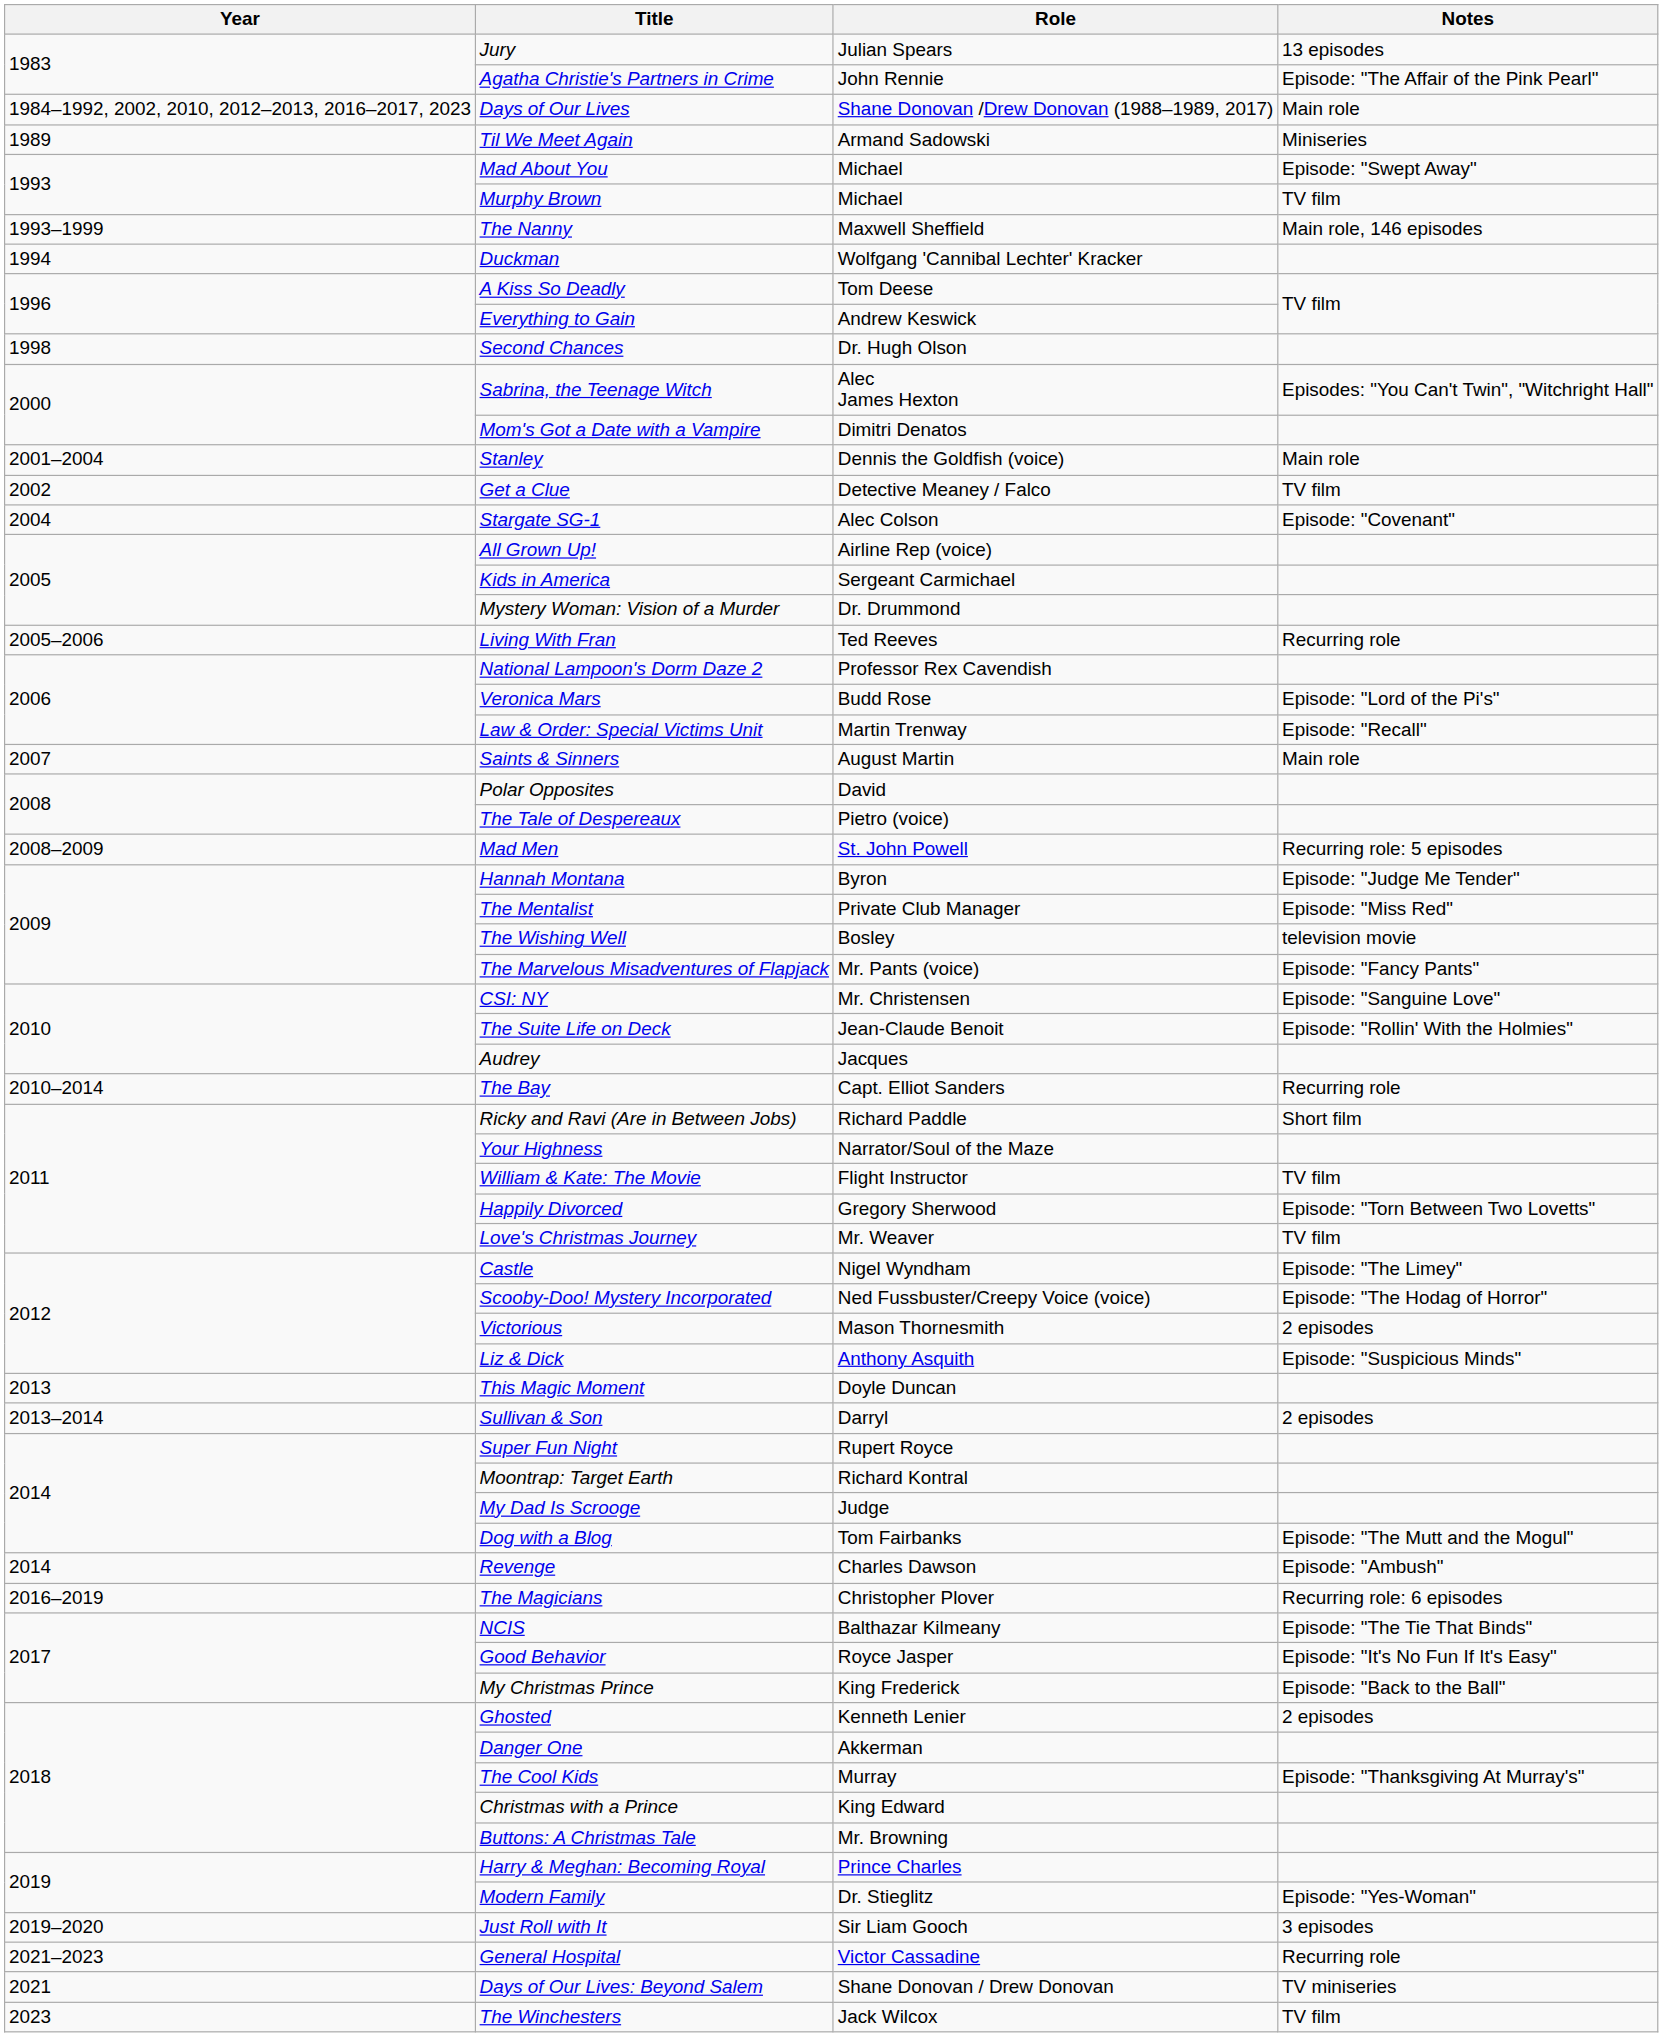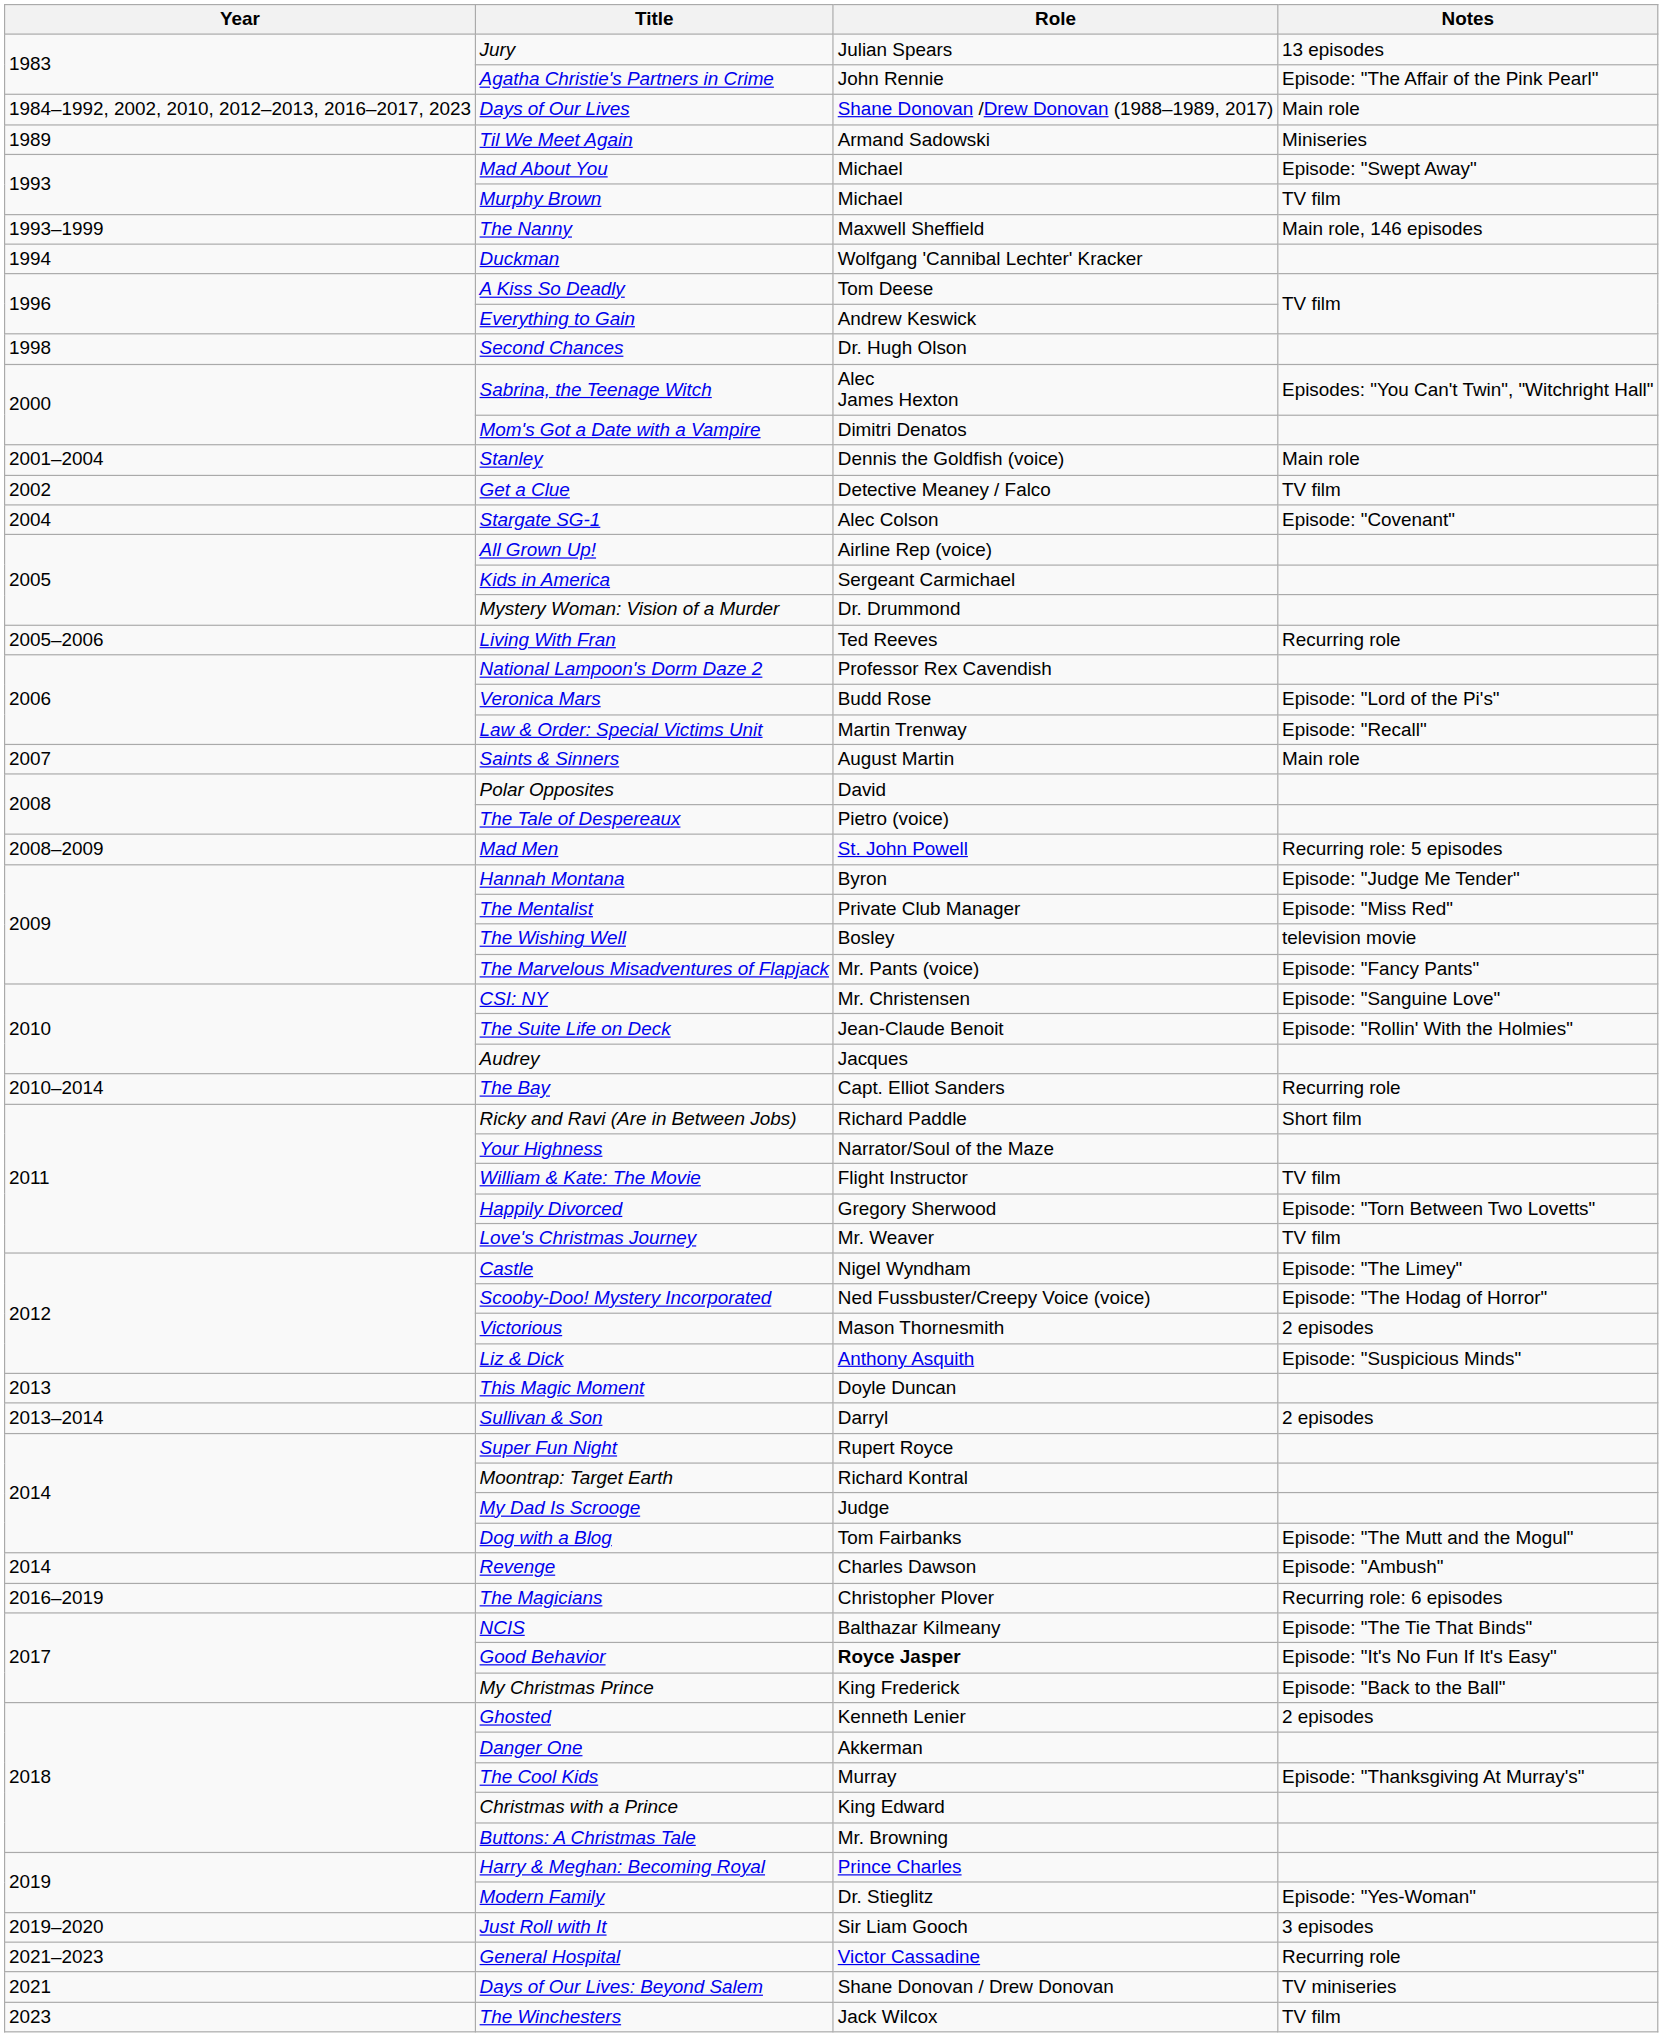 <table class="wikitable sortable">
 <tr>
 <th style="">Year</th>
 <th style="">Title</th>
 <th style="">Role</th>
 <th style="">Notes</th>
 </tr>
 <tr>
 <td rowspan=2>1983</td>
 <td><em>Jury</em></td>
 <td>Julian Spears</td>
 <td>13 episodes</td>
 </tr>
 <tr>
 <td><em><a href='#'>Agatha Christie's Partners in Crime</a></em></td>
 <td>John Rennie</td>
 <td>Episode: "The Affair of the Pink Pearl"</td>
 </tr>
 <tr>
 <td>1984–1992, 2002, 2010, 2012–2013, 2016–2017, 2023</td>
 <td><em><a href='#'>Days of Our Lives</a></em></td>
 <td><a href='#'>Shane Donovan</a> /<a href='#'>Drew Donovan</a> (1988–1989, 2017)</td>
 <td>Main role</td>
 </tr>
 <tr>
 <td>1989</td>
 <td><em><a href='#'>Til We Meet Again</a></em></td>
 <td>Armand Sadowski</td>
 <td>Miniseries</td>
 </tr>
 <tr>
 <td rowspan=2>1993</td>
 <td><em><a href='#'>Mad About You</a></em></td>
 <td>Michael</td>
 <td>Episode: "Swept Away"</td>
 </tr>
 <tr>
 <td><em><a href='#'>Murphy Brown</a></em></td>
 <td>Michael</td>
 <td>TV film</td>
 </tr>
 <tr>
 <td>1993–1999</td>
 <td><em><a href='#'>The Nanny</a></em></td>
 <td>Maxwell Sheffield</td>
 <td>Main role, 146 episodes</td>
 </tr>
 <tr>
 <td>1994</td>
 <td><em><a href='#'>Duckman</a></em></td>
 <td>Wolfgang 'Cannibal Lechter' Kracker</td>
 <td></td>
 </tr>
 <tr>
 <td rowspan=2>1996</td>
 <td><em><a href='#'>A Kiss So Deadly</a></em></td>
 <td>Tom Deese</td>
 <td rowspan=2>TV film</td>
 </tr>
 <tr>
 <td><em><a href='#'>Everything to Gain</a></em></td>
 <td>Andrew Keswick</td>
 </tr>
 <tr>
 <td>1998</td>
 <td><em><a href='#'>Second Chances</a></em></td>
 <td>Dr. Hugh Olson</td>
 <td></td>
 </tr>
 <tr>
 <td rowspan=2>2000</td>
 <td><em><a href='#'>Sabrina, the Teenage Witch</a></em></td>
 <td>Alec<br>James Hexton</td>
 <td>Episodes: "You Can't Twin", "Witchright Hall"</td>
 </tr>
 <tr>
 <td><em><a href='#'>Mom's Got a Date with a Vampire</a></em></td>
 <td>Dimitri Denatos</td>
 <td></td>
 </tr>
 <tr>
 <td>2001–2004</td>
 <td><em><a href='#'>Stanley</a></em></td>
 <td>Dennis the Goldfish (voice)</td>
 <td>Main role</td>
 </tr>
 <tr>
 <td>2002</td>
 <td><em><a href='#'>Get a Clue</a></em></td>
 <td>Detective Meaney / Falco</td>
 <td>TV film</td>
 </tr>
 <tr>
 <td>2004</td>
 <td><em><a href='#'>Stargate SG-1</a></em></td>
 <td>Alec Colson</td>
 <td>Episode: "Covenant"</td>
 </tr>
 <tr>
 <td rowspan=3>2005</td>
 <td><em><a href='#'>All Grown Up!</a></em></td>
 <td>Airline Rep (voice)</td>
 <td></td>
 </tr>
 <tr>
 <td><em><a href='#'>Kids in America</a></em></td>
 <td>Sergeant Carmichael</td>
 <td></td>
 </tr>
 <tr>
 <td><em>Mystery Woman: Vision of a Murder</em></td>
 <td>Dr. Drummond</td>
 <td></td>
 </tr>
 <tr>
 <td>2005–2006</td>
 <td><em><a href='#'>Living With Fran</a></em></td>
 <td>Ted Reeves</td>
 <td>Recurring role</td>
 </tr>
 <tr>
 <td rowspan=3>2006</td>
 <td><em><a href='#'>National Lampoon's Dorm Daze 2</a></em></td>
 <td>Professor Rex Cavendish</td>
 <td></td>
 </tr>
 <tr>
 <td><em><a href='#'>Veronica Mars</a></em></td>
 <td>Budd Rose</td>
 <td>Episode: "Lord of the Pi's"</td>
 </tr>
 <tr>
 <td><em><a href='#'>Law & Order: Special Victims Unit</a></em></td>
 <td>Martin Trenway</td>
 <td>Episode: "Recall"</td>
 </tr>
 <tr>
 <td>2007</td>
 <td><em><a href='#'>Saints & Sinners</a></em></td>
 <td>August Martin</td>
 <td>Main role</td>
 </tr>
 <tr>
 <td rowspan=2>2008</td>
 <td><em>Polar Opposites</em></td>
 <td>David</td>
 <td></td>
 </tr>
 <tr>
 <td><em><a href='#'>The Tale of Despereaux</a></em></td>
 <td>Pietro (voice)</td>
 <td></td>
 </tr>
 <tr>
 <td>2008–2009</td>
 <td><em><a href='#'>Mad Men</a></em></td>
 <td><a href='#'>St. John Powell</a></td>
 <td>Recurring role: 5 episodes</td>
 </tr>
 <tr>
 <td rowspan=4>2009</td>
 <td><em><a href='#'>Hannah Montana</a></em></td>
 <td>Byron</td>
 <td>Episode: "Judge Me Tender"</td>
 </tr>
 <tr>
 <td><em><a href='#'>The Mentalist</a></em></td>
 <td>Private Club Manager</td>
 <td>Episode: "Miss Red"</td>
 </tr>
 <tr>
 <td><em><a href='#'>The Wishing Well</a></em></td>
 <td>Bosley</td>
 <td>television movie</td>
 </tr>
 <tr>
 <td><em><a href='#'>The Marvelous Misadventures of Flapjack</a></em></td>
 <td>Mr. Pants (voice)</td>
 <td>Episode: "Fancy Pants"</td>
 </tr>
 <tr>
 <td rowspan=3>2010</td>
 <td><em><a href='#'>CSI: NY</a></em></td>
 <td>Mr. Christensen</td>
 <td>Episode: "Sanguine Love"</td>
 </tr>
 <tr>
 <td><em><a href='#'>The Suite Life on Deck</a></em></td>
 <td>Jean-Claude Benoit</td>
 <td>Episode: "Rollin' With the Holmies"</td>
 </tr>
 <tr>
 <td><em>Audrey</em></td>
 <td>Jacques</td>
 <td></td>
 </tr>
 <tr>
 <td>2010–2014</td>
 <td><em><a href='#'>The Bay</a></em></td>
 <td>Capt. Elliot Sanders</td>
 <td>Recurring role</td>
 </tr>
 <tr>
 <td rowspan=5>2011</td>
 <td><em>Ricky and Ravi (Are in Between Jobs)</em></td>
 <td>Richard Paddle</td>
 <td>Short film</td>
 </tr>
 <tr>
 <td><em><a href='#'>Your Highness</a></em></td>
 <td>Narrator/Soul of the Maze</td>
 <td></td>
 </tr>
 <tr>
 <td><em><a href='#'>William & Kate: The Movie</a></em></td>
 <td>Flight Instructor</td>
 <td>TV film</td>
 </tr>
 <tr>
 <td><em><a href='#'>Happily Divorced</a></em></td>
 <td>Gregory Sherwood</td>
 <td>Episode: "Torn Between Two Lovetts"</td>
 </tr>
 <tr>
 <td><em><a href='#'>Love's Christmas Journey</a></em></td>
 <td>Mr. Weaver</td>
 <td>TV film</td>
 </tr>
 <tr>
 <td rowspan=4>2012</td>
 <td><em><a href='#'>Castle</a></em></td>
 <td>Nigel Wyndham</td>
 <td>Episode: "The Limey"</td>
 </tr>
 <tr>
 <td><em><a href='#'>Scooby-Doo! Mystery Incorporated</a></em></td>
 <td>Ned Fussbuster/Creepy Voice (voice)</td>
 <td>Episode: "The Hodag of Horror"</td>
 </tr>
 <tr>
 <td><em><a href='#'>Victorious</a></em></td>
 <td>Mason Thornesmith</td>
 <td>2 episodes</td>
 </tr>
 <tr>
 <td><em><a href='#'>Liz & Dick</a></em></td>
 <td><a href='#'>Anthony Asquith</a></td>
 <td>Episode: "Suspicious Minds"</td>
 </tr>
 <tr>
 <td>2013</td>
 <td><em><a href='#'>This Magic Moment</a></em></td>
 <td>Doyle Duncan</td>
 <td></td>
 </tr>
 <tr>
 <td>2013–2014</td>
 <td><em><a href='#'>Sullivan & Son</a></em></td>
 <td>Darryl</td>
 <td>2 episodes</td>
 </tr>
 <tr>
 <td rowspan=4>2014</td>
 <td><em><a href='#'>Super Fun Night</a></em></td>
 <td>Rupert Royce</td>
 <td></td>
 </tr>
 <tr>
 <td><em>Moontrap: Target Earth</em></td>
 <td>Richard Kontral</td>
 <td></td>
 </tr>
 <tr>
 <td><em><a href='#'>My Dad Is Scrooge</a></em></td>
 <td>Judge</td>
 <td></td>
 </tr>
 <tr>
 <td><em><a href='#'>Dog with a Blog</a></em></td>
 <td>Tom Fairbanks</td>
 <td>Episode: "The Mutt and the Mogul"</td>
 </tr>
 <tr>
 <td>2014</td>
 <td><em><a href='#'>Revenge</a></em></td>
 <td>Charles Dawson</td>
 <td>Episode: "Ambush"</td>
 </tr>
 <tr>
 <td>2016–2019</td>
 <td><em><a href='#'>The Magicians</a></em></td>
 <td>Christopher Plover</td>
 <td>Recurring role: 6 episodes</td>
 </tr>
 <tr>
 <td rowspan="3">2017</td>
 <td><em><a href='#'>NCIS</a></em></td>
 <td>Balthazar Kilmeany</td>
 <td>Episode: "The Tie That Binds"</td>
 </tr>
 <tr>
 <td><em><a href='#'>Good Behavior</a></em></td>
-<td>Royce Jasper</td>
+<td><strong>Royce Jasper</strong></td>
 <td>Episode: "It's No Fun If It's Easy"</td>
 </tr>
 <tr>
 <td><em>My Christmas Prince</em></td>
 <td>King Frederick</td>
 <td>Episode: "Back to the Ball"</td>
 </tr>
 <tr>
 <td rowspan=5>2018</td>
 <td><em><a href='#'>Ghosted</a></em></td>
 <td>Kenneth Lenier</td>
 <td>2 episodes</td>
 </tr>
 <tr>
 <td><em><a href='#'>Danger One</a></em></td>
 <td>Akkerman</td>
 <td></td>
 </tr>
 <tr>
 <td><em><a href='#'>The Cool Kids</a></em></td>
 <td>Murray</td>
 <td>Episode: "Thanksgiving At Murray's"</td>
 </tr>
 <tr>
 <td><em>Christmas with a Prince</em></td>
 <td>King Edward</td>
 <td></td>
 </tr>
 <tr>
 <td><em><a href='#'>Buttons: A Christmas Tale</a></em></td>
 <td>Mr. Browning</td>
 <td></td>
 </tr>
 <tr>
 <td rowspan=2>2019</td>
 <td><em><a href='#'>Harry & Meghan: Becoming Royal</a></em></td>
 <td><a href='#'>Prince Charles</a></td>
 <td></td>
 </tr>
 <tr>
 <td><em><a href='#'>Modern Family</a></em></td>
 <td>Dr. Stieglitz</td>
 <td>Episode: "Yes-Woman"</td>
 </tr>
 <tr>
 <td>2019–2020</td>
 <td><em><a href='#'>Just Roll with It</a></em></td>
 <td>Sir Liam Gooch</td>
 <td>3 episodes</td>
 </tr>
 <tr>
 <td>2021–2023</td>
 <td><em><a href='#'>General Hospital</a></em></td>
 <td><a href='#'>Victor Cassadine</a></td>
 <td>Recurring role</td>
 </tr>
 <tr>
 <td>2021</td>
 <td><em><a href='#'>Days of Our Lives: Beyond Salem</a></em></td>
 <td>Shane Donovan / Drew Donovan</td>
 <td>TV miniseries</td>
 </tr>
 <tr>
 <td>2023</td>
 <td><em><a href='#'>The Winchesters</a></em></td>
 <td>Jack Wilcox</td>
 <td>TV film</td>
 </tr>
 </table>
